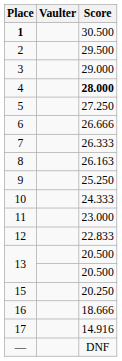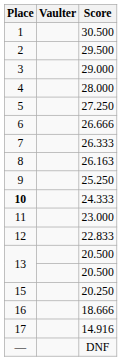 <table class=wikitable style="text-align:center">
 <tr>
 <th>Place</th>
 <th>Vaulter</th>
 <th>Score</th>
 </tr>
 <tr>
-<td><strong>1</strong></td>
+<td>1</td>
 <td align=left></td>
 <td>30.500</td>
 </tr>
 <tr>
 <td>2</td>
 <td align=left></td>
 <td>29.500</td>
 </tr>
 <tr>
 <td>3</td>
 <td align=left></td>
 <td>29.000</td>
 </tr>
 <tr>
 <td>4</td>
 <td align=left></td>
-<td><strong>28.000</strong></td>
+<td>28.000</td>
 </tr>
 <tr>
 <td>5</td>
 <td align=left></td>
 <td>27.250</td>
 </tr>
 <tr>
 <td>6</td>
 <td align=left></td>
 <td>26.666</td>
 </tr>
 <tr>
 <td>7</td>
 <td align=left></td>
 <td>26.333</td>
 </tr>
 <tr>
 <td>8</td>
 <td align=left></td>
 <td>26.163</td>
 </tr>
 <tr>
 <td>9</td>
 <td align=left></td>
 <td>25.250</td>
 </tr>
 <tr>
-<td>10</td>
+<td><strong>10</strong></td>
 <td align=left></td>
 <td>24.333</td>
 </tr>
 <tr>
 <td>11</td>
 <td align=left></td>
 <td>23.000</td>
 </tr>
 <tr>
 <td>12</td>
 <td align=left></td>
 <td>22.833</td>
 </tr>
 <tr>
 <td rowspan=2>13</td>
 <td align=left></td>
 <td>20.500</td>
 </tr>
 <tr>
 <td align=left></td>
 <td>20.500</td>
 </tr>
 <tr>
 <td>15</td>
 <td align=left></td>
 <td>20.250</td>
 </tr>
 <tr>
 <td>16</td>
 <td align=left></td>
 <td>18.666</td>
 </tr>
 <tr>
 <td>17</td>
 <td align=left></td>
 <td>14.916</td>
 </tr>
 <tr>
 <td>—</td>
 <td align=left></td>
 <td>DNF</td>
 </tr>
 </table>
